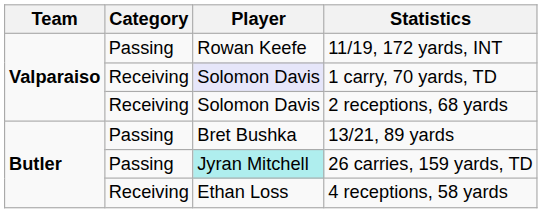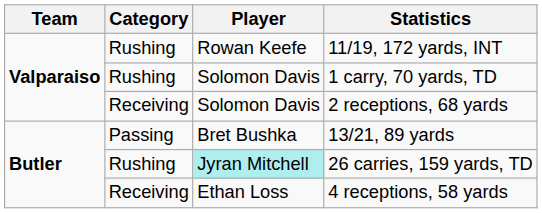 <table class="wikitable" style="float: right;">
 <tr>
 <th>Team</th>
 <th>Category</th>
 <th>Player</th>
 <th>Statistics</th>
 </tr>
 <tr>
 <td rowspan=3><strong>Valparaiso</strong></td>
-<td>Passing</td>
+<td>Rushing</td>
 <td>Rowan Keefe</td>
 <td>11/19, 172 yards, INT</td>
 </tr>
 <tr>
-<td>Receiving</td>
-<td style="background: lavender;">Solomon Davis</td>
+<td>Rushing</td>
+<td>Solomon Davis</td>
 <td>1 carry, 70 yards, TD</td>
 </tr>
 <tr>
 <td>Receiving</td>
 <td>Solomon Davis</td>
 <td>2 receptions, 68 yards</td>
 </tr>
 <tr>
 <td rowspan=3><strong>Butler</strong></td>
 <td>Passing</td>
 <td>Bret Bushka</td>
 <td>13/21, 89 yards</td>
 </tr>
 <tr>
-<td>Passing</td>
+<td>Rushing</td>
 <td style="background: paleturquoise;">Jyran Mitchell</td>
 <td>26 carries, 159 yards, TD</td>
 </tr>
 <tr>
 <td>Receiving</td>
 <td>Ethan Loss</td>
 <td>4 receptions, 58 yards</td>
 </tr>
 </table>
